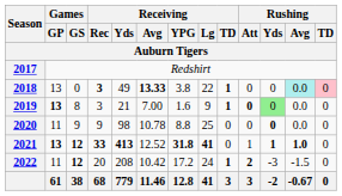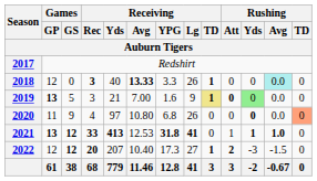 <table class="wikitable" style="text-align:center;">
 <tr>
 <th rowspan="2">Season</th>
 <th colspan="2">Games</th>
 <th colspan="6">Receiving</th>
 <th colspan="5">Rushing</th>
 </tr>
 <tr>
 <th>GP</th>
 <th>GS</th>
 <th>Rec</th>
 <th>Yds</th>
 <th>Avg</th>
 <th>YPG</th>
 <th>Lg</th>
 <th>TD</th>
 <th>Att</th>
 <th>Yds</th>
 <th>Avg</th>
 <th>TD</th>
 </tr>
 <tr>
 <th colspan="15">Auburn Tigers</th>
 </tr>
 <tr>
 <th><a href='#'>2017</a></th>
 <td colspan="15"><em>Redshirt </em></td>
 </tr>
 <tr>
 <th><a href='#'>2018</a></th>
-<td>13</td>
+<td>12</td>
 <td>0</td>
 <td><strong>3</strong></td>
-<td>49</td>
+<td>40</td>
 <td><strong>13.33</strong></td>
-<td>3.8</td>
-<td>22</td>
+<td>3.3</td>
+<td>26</td>
 <td><strong>1</strong></td>
 <td>0</td>
 <td>0</td>
 <td style="background: paleturquoise;">0.0</td>
-<td style="background: pink;">0</td>
+<td>0</td>
 </tr>
 <tr>
 <th><a href='#'>2019</a></th>
 <td><strong>13</strong></td>
-<td>8</td>
+<td>5</td>
 <td>3</td>
 <td>21</td>
 <td>7.00</td>
 <td>1.6</td>
 <td>9</td>
-<td><strong>1</strong></td>
+<td style="background: khaki;"><strong>1</strong></td>
 <td><strong>0</strong></td>
 <td style="background: lightgreen;">0</td>
 <td>0.0</td>
 <td>0</td>
 </tr>
 <tr>
 <th><a href='#'>2020</a></th>
 <td>11</td>
 <td>9</td>
-<td>9</td>
-<td>98</td>
-<td>10.78</td>
-<td>8.8</td>
-<td>25</td>
+<td>4</td>
+<td>97</td>
+<td>10.80</td>
+<td>6.8</td>
+<td>26</td>
 <td>0</td>
 <td>0</td>
 <td><strong>0</strong></td>
 <td>0.0</td>
-<td>0</td>
+<td style="background: lightsalmon;">0</td>
 </tr>
 <tr>
 <th><a href='#'>2021</a></th>
 <td><strong>13</strong></td>
 <td><strong>12</strong></td>
 <td><strong>33</strong></td>
 <td><strong>413</strong></td>
-<td>12.52</td>
+<td>12.53</td>
 <td><strong>31.8</strong></td>
 <td><strong>41</strong></td>
 <td>0</td>
 <td>1</td>
 <td><strong>1</strong></td>
 <td><strong>1.0</strong></td>
 <td>0</td>
 </tr>
 <tr>
 <th><a href='#'>2022</a></th>
-<td>11</td>
+<td>12</td>
 <td><strong>12</strong></td>
-<td>20</td>
-<td>208</td>
-<td>10.42</td>
-<td>17.2</td>
-<td>24</td>
+<td><strong>20</strong></td>
+<td>207</td>
+<td>10.40</td>
+<td>17.3</td>
+<td>27</td>
 <td><strong>1</strong></td>
 <td><strong>2</strong></td>
 <td>-3</td>
 <td>-1.5</td>
 <td>0</td>
 </tr>
 <tr>
 <th></th>
 <th>61</th>
 <th>38</th>
 <th>68</th>
 <th>779</th>
 <th>11.46</th>
 <th>12.8</th>
 <th>41</th>
 <th>3</th>
 <th>3</th>
 <th>-2</th>
 <th>-0.67</th>
 <th>0</th>
 </tr>
 </table>
